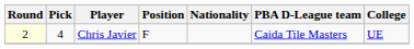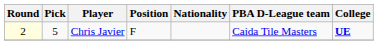 <table class="wikitable sortable sortable">
 <tr>
 <th>Round</th>
 <th>Pick</th>
 <th>Player</th>
 <th>Position</th>
 <th>Nationality</th>
 <th>PBA D-League team</th>
 <th>College</th>
 </tr>
 <tr>
 <td align=center style="background: lightyellow;">2</td>
-<td align=center>4</td>
+<td align=center>5</td>
 <td><a href='#'>Chris Javier</a></td>
 <td>F</td>
 <td></td>
 <td><a href='#'>Caida Tile Masters</a></td>
-<td><a href='#'>UE</a></td>
+<td><strong><a href='#'>UE</a></strong></td>
 </tr>
 <tr>
 </tr>
 </table>
